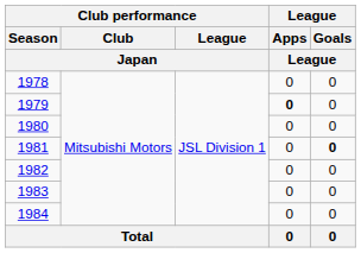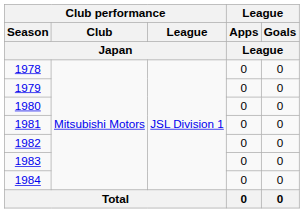 <table class="wikitable" style="text-align:center;">
 <tr>
 <th colspan=3>Club performance</th>
 <th colspan=2>League</th>
 </tr>
 <tr>
 <th>Season</th>
 <th>Club</th>
 <th>League</th>
 <th>Apps</th>
 <th>Goals</th>
 </tr>
 <tr>
 <th colspan=3>Japan</th>
 <th colspan=2>League</th>
 </tr>
 <tr>
 <td><a href='#'>1978</a></td>
 <td rowspan="7"><a href='#'>Mitsubishi Motors</a></td>
 <td rowspan="7"><a href='#'>JSL Division 1</a></td>
 <td>0</td>
 <td>0</td>
 </tr>
 <tr>
 <td><a href='#'>1979</a></td>
-<td><strong>0</strong></td>
+<td>0</td>
 <td>0</td>
 </tr>
 <tr>
 <td><a href='#'>1980</a></td>
 <td>0</td>
 <td>0</td>
 </tr>
 <tr>
 <td><a href='#'>1981</a></td>
 <td>0</td>
-<td><strong>0</strong></td>
+<td>0</td>
 </tr>
 <tr>
 <td><a href='#'>1982</a></td>
 <td>0</td>
 <td>0</td>
 </tr>
 <tr>
 <td><a href='#'>1983</a></td>
 <td>0</td>
 <td>0</td>
 </tr>
 <tr>
 <td><a href='#'>1984</a></td>
 <td>0</td>
 <td>0</td>
 </tr>
 <tr>
 <th colspan=3>Total</th>
 <th>0</th>
 <th>0</th>
 </tr>
 </table>
